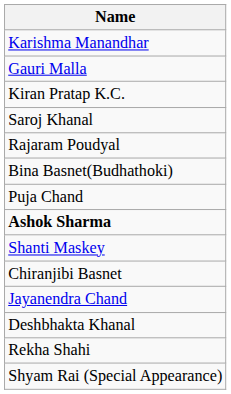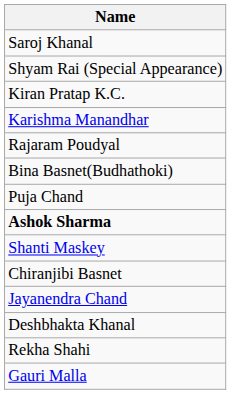 <table class="wikitable">
 <tr>
 <th>Name</th>
 </tr>
 <tr>
-<td><a href='#'>Karishma Manandhar</a></td>
+<td>Saroj Khanal</td>
 </tr>
 <tr>
-<td><a href='#'>Gauri Malla</a></td>
+<td>Shyam Rai (Special Appearance)</td>
 </tr>
 <tr>
 <td>Kiran Pratap K.C.</td>
 </tr>
 <tr>
-<td>Saroj Khanal</td>
+<td><a href='#'>Karishma Manandhar</a></td>
 </tr>
 <tr>
 <td>Rajaram Poudyal</td>
 </tr>
 <tr>
 <td>Bina Basnet(Budhathoki)</td>
 </tr>
 <tr>
 <td>Puja Chand</td>
 </tr>
 <tr>
 <td><strong>Ashok Sharma</strong></td>
 </tr>
 <tr>
 <td><a href='#'>Shanti Maskey</a></td>
 </tr>
 <tr>
 <td>Chiranjibi Basnet</td>
 </tr>
 <tr>
 <td><a href='#'>Jayanendra Chand</a></td>
 </tr>
 <tr>
 <td>Deshbhakta Khanal</td>
 </tr>
 <tr>
 <td>Rekha Shahi</td>
 </tr>
 <tr>
-<td>Shyam Rai (Special Appearance)</td>
+<td><a href='#'>Gauri Malla</a></td>
 </tr>
 </table>
